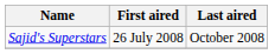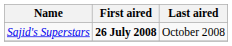 <table class="wikitable sortable">
 <tr>
 <th>Name</th>
 <th>First aired</th>
 <th>Last aired</th>
 </tr>
 <tr>
 <td><em><a href='#'>Sajid's Superstars</a></em></td>
-<td>26 July 2008</td>
+<td><strong>26 July 2008</strong></td>
 <td>October 2008</td>
 </tr>
 <tr>
 </tr>
 </table>
